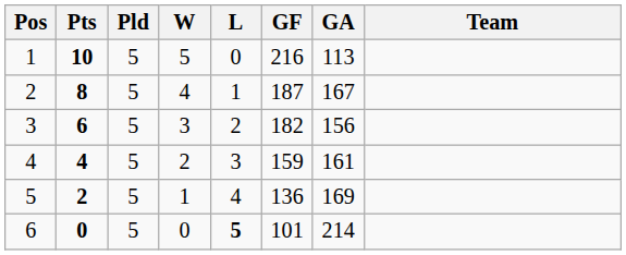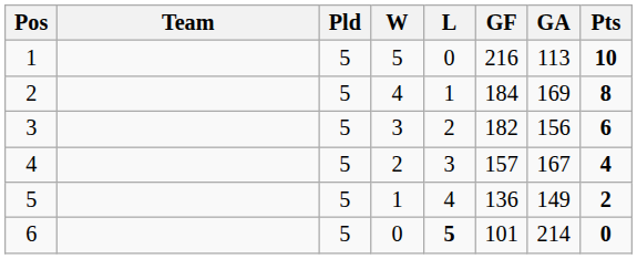 <table class="wikitable" style="text-align: center;">
 <tr>
 <th width="30">Pos</th>
-<th width="30">Pts</th>
+<th width="180">Team</th>
 <th width="30">Pld</th>
 <th width="30">W</th>
 <th width="30">L</th>
 <th width="30">GF</th>
 <th width="30">GA</th>
-<th width="180">Team</th>
+<th width="30">Pts</th>
 </tr>
 <tr>
 <td>1</td>
-<td><strong>10</strong></td>
+<td align="left"></td>
 <td>5</td>
 <td>5</td>
 <td>0</td>
 <td>216</td>
 <td>113</td>
-<td align="left"></td>
+<td><strong>10</strong></td>
 </tr>
 <tr>
 <td>2</td>
-<td><strong>8</strong></td>
+<td align="left"></td>
 <td>5</td>
 <td>4</td>
 <td>1</td>
-<td>187</td>
-<td>167</td>
-<td align="left"></td>
+<td>184</td>
+<td>169</td>
+<td><strong>8</strong></td>
 </tr>
 <tr>
 <td>3</td>
-<td><strong>6</strong></td>
+<td align="left"></td>
 <td>5</td>
 <td>3</td>
 <td>2</td>
 <td>182</td>
 <td>156</td>
-<td align="left"></td>
+<td><strong>6</strong></td>
 </tr>
 <tr>
 <td>4</td>
-<td><strong>4</strong></td>
+<td align="left"></td>
 <td>5</td>
 <td>2</td>
 <td>3</td>
-<td>159</td>
-<td>161</td>
-<td align="left"></td>
+<td>157</td>
+<td>167</td>
+<td><strong>4</strong></td>
 </tr>
 <tr>
 <td>5</td>
-<td><strong>2</strong></td>
+<td align="left"></td>
 <td>5</td>
 <td>1</td>
 <td>4</td>
 <td>136</td>
-<td>169</td>
-<td align="left"></td>
+<td>149</td>
+<td><strong>2</strong></td>
 </tr>
 <tr>
 <td>6</td>
-<td><strong>0</strong></td>
+<td align="left"></td>
 <td>5</td>
 <td>0</td>
 <td><strong>5</strong></td>
 <td>101</td>
 <td>214</td>
-<td align="left"></td>
+<td><strong>0</strong></td>
 </tr>
 </table>
